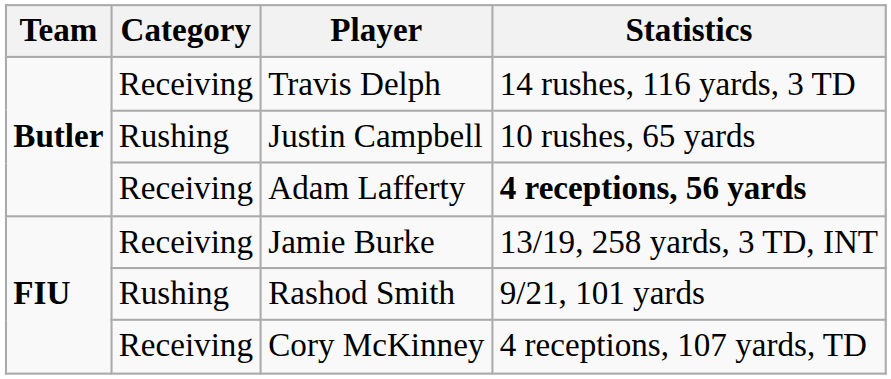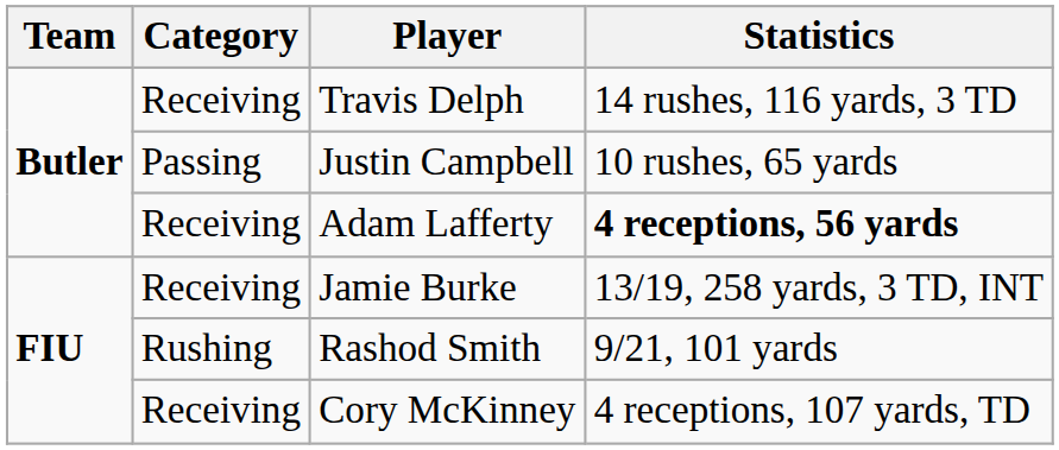 <table class="wikitable" style="float: right;">
 <tr>
 <th>Team</th>
 <th>Category</th>
 <th>Player</th>
 <th>Statistics</th>
 </tr>
 <tr>
 <td rowspan=3><strong>Butler</strong></td>
 <td>Receiving</td>
 <td>Travis Delph</td>
 <td>14 rushes, 116 yards, 3 TD</td>
 </tr>
 <tr>
-<td>Rushing</td>
+<td>Passing</td>
 <td>Justin Campbell</td>
 <td>10 rushes, 65 yards</td>
 </tr>
 <tr>
 <td>Receiving</td>
 <td>Adam Lafferty</td>
 <td><strong>4 receptions, 56 yards</strong></td>
 </tr>
 <tr>
 <td rowspan=3><strong>FIU</strong></td>
 <td>Receiving</td>
 <td>Jamie Burke</td>
 <td>13/19, 258 yards, 3 TD, INT</td>
 </tr>
 <tr>
 <td>Rushing</td>
 <td>Rashod Smith</td>
 <td>9/21, 101 yards</td>
 </tr>
 <tr>
 <td>Receiving</td>
 <td>Cory McKinney</td>
 <td>4 receptions, 107 yards, TD</td>
 </tr>
 </table>
